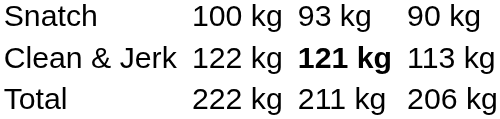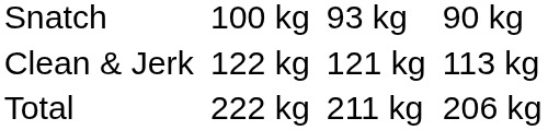 <table>
 <tr>
 <td>Snatch</td>
 <td></td>
 <td>100 kg</td>
 <td></td>
 <td>93 kg</td>
 <td></td>
 <td>90 kg</td>
 </tr>
 <tr>
 <td>Clean & Jerk</td>
 <td></td>
 <td>122 kg</td>
 <td></td>
-<td><strong>121 kg</strong></td>
+<td>121 kg</td>
 <td></td>
 <td>113 kg</td>
 </tr>
 <tr>
 <td>Total</td>
 <td></td>
 <td>222 kg</td>
 <td></td>
 <td>211 kg</td>
 <td></td>
 <td>206 kg</td>
 </tr>
 </table>
